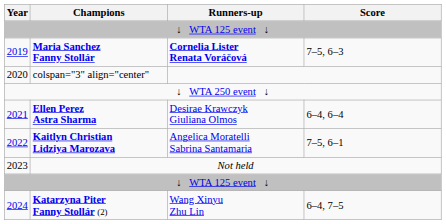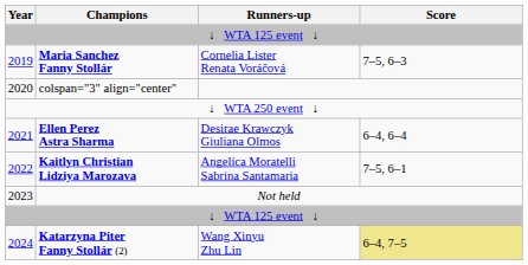 <table class="wikitable">
 <tr>
 <th>Year</th>
 <th width="200">Champions</th>
 <th width="200">Runners-up</th>
 <th width="200">Score</th>
 </tr>
 <tr>
 <td colspan="4" align="center" bgcolor=silver>↓   <a href='#'>WTA 125 event</a>   ↓</td>
 </tr>
 <tr>
 <td><a href='#'>2019</a></td>
 <td> <strong><a href='#'>Maria Sanchez</a></strong> <br>  <strong><a href='#'>Fanny Stollár</a></strong></td>
-<td><strong> <a href='#'>Cornelia Lister</a> <br>  <a href='#'>Renata Voráčová</a></strong></td>
+<td> <a href='#'>Cornelia Lister</a> <br>  <a href='#'>Renata Voráčová</a></td>
 <td>7–5, 6–3</td>
 </tr>
 <tr>
 <td>2020</td>
 <td>colspan="3" align="center" </td>
 </tr>
 <tr>
 <td colspan="4" align="center">↓   <a href='#'>WTA 250 event</a>   ↓</td>
 </tr>
 <tr>
 <td><a href='#'>2021</a></td>
 <td> <strong><a href='#'>Ellen Perez</a></strong> <br>  <strong><a href='#'>Astra Sharma</a></strong></td>
 <td> <a href='#'>Desirae Krawczyk</a> <br>  <a href='#'>Giuliana Olmos</a></td>
 <td>6–4, 6–4</td>
 </tr>
 <tr>
 <td><a href='#'>2022</a></td>
 <td> <strong><a href='#'>Kaitlyn Christian</a></strong> <br>  <strong><a href='#'>Lidziya Marozava</a></strong></td>
 <td> <a href='#'>Angelica Moratelli</a> <br>  <a href='#'>Sabrina Santamaria</a></td>
 <td>7–5, 6–1</td>
 </tr>
 <tr>
 <td>2023</td>
 <td colspan="3" align="center"><em>Not held</em></td>
 </tr>
 <tr>
 <td colspan="4" align="center" bgcolor=silver>↓   <a href='#'>WTA 125 event</a>   ↓</td>
 </tr>
 <tr>
 <td><a href='#'>2024</a></td>
 <td> <strong><a href='#'>Katarzyna Piter</a></strong> <br>  <strong><a href='#'>Fanny Stollár</a></strong> <small>(2)</small></td>
 <td> <a href='#'>Wang Xinyu</a> <br>  <a href='#'>Zhu Lin</a></td>
-<td>6–4, 7–5</td>
+<td style="background: khaki;">6–4, 7–5</td>
 </tr>
 </table>
